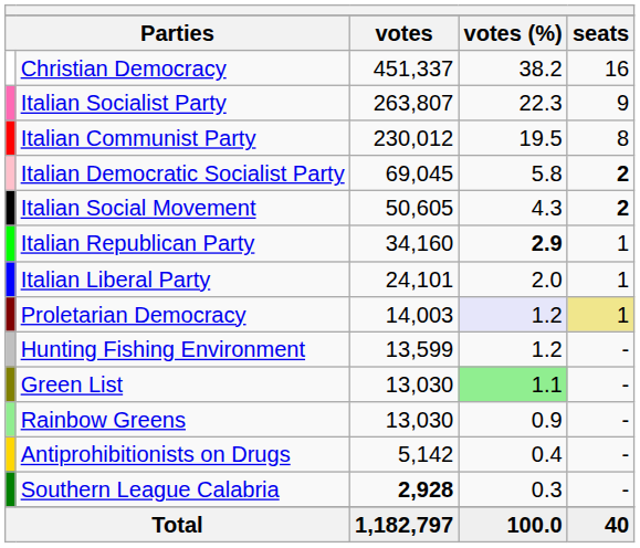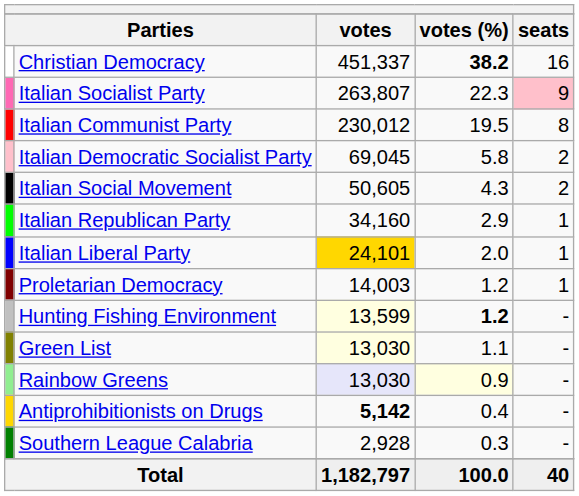 <table class="wikitable" style="font-size:95%">
 <tr>
 <th colspan=5></th>
 </tr>
 <tr>
 </tr>
 <tr bgcolor="EFEFEF">
 <th colspan=2>Parties</th>
 <th>votes</th>
 <th>votes (%)</th>
 <th>seats</th>
 </tr>
 <tr>
 <td bgcolor=White></td>
 <td><a href='#'>Christian Democracy</a></td>
 <td align=right>451,337</td>
-<td align=right>38.2</td>
+<td align=right><strong>38.2</strong></td>
 <td align=right>16</td>
 </tr>
 <tr>
 <td bgcolor=Hotpink></td>
 <td><a href='#'>Italian Socialist Party</a></td>
 <td align=right>263,807</td>
 <td align=right>22.3</td>
-<td align=right>9</td>
+<td align=right style="background: pink;">9</td>
 </tr>
 <tr>
 <td bgcolor=Red></td>
 <td><a href='#'>Italian Communist Party</a></td>
 <td align=right>230,012</td>
 <td align=right>19.5</td>
 <td align=right>8</td>
 </tr>
 <tr>
 <td bgcolor=Pink></td>
 <td><a href='#'>Italian Democratic Socialist Party</a></td>
 <td align=right>69,045</td>
 <td align=right>5.8</td>
-<td align=right><strong>2</strong></td>
+<td align=right>2</td>
 </tr>
 <tr>
 <td bgcolor=Black></td>
 <td><a href='#'>Italian Social Movement</a></td>
 <td align=right>50,605</td>
 <td align=right>4.3</td>
-<td align=right><strong>2</strong></td>
+<td align=right>2</td>
 </tr>
 <tr>
 <td bgcolor=Lime></td>
 <td><a href='#'>Italian Republican Party</a></td>
 <td align=right>34,160</td>
-<td align=right><strong>2.9</strong></td>
+<td align=right>2.9</td>
 <td align=right>1</td>
 </tr>
 <tr>
 <td bgcolor=Blue></td>
 <td><a href='#'>Italian Liberal Party</a></td>
-<td align=right>24,101</td>
+<td align=right style="background: gold;">24,101</td>
 <td align=right>2.0</td>
 <td align=right>1</td>
 </tr>
 <tr>
 <td bgcolor=Maroon></td>
 <td><a href='#'>Proletarian Democracy</a></td>
 <td align=right>14,003</td>
-<td align=right style="background: lavender;">1.2</td>
-<td align=right style="background: khaki;">1</td>
+<td align=right>1.2</td>
+<td align=right>1</td>
 </tr>
 <tr>
 <td bgcolor=Silver></td>
 <td><a href='#'>Hunting Fishing Environment</a></td>
-<td align=right>13,599</td>
-<td align=right>1.2</td>
+<td align=right style="background: lightyellow;">13,599</td>
+<td align=right><strong>1.2</strong></td>
 <td align=right>-</td>
 </tr>
 <tr>
 <td bgcolor=Olive></td>
 <td><a href='#'>Green List</a></td>
-<td align=right>13,030</td>
-<td align=right style="background: lightgreen;">1.1</td>
+<td align=right style="background: lightyellow;">13,030</td>
+<td align=right>1.1</td>
 <td align=right>-</td>
 </tr>
 <tr>
 <td bgcolor=Lightgreen></td>
 <td><a href='#'>Rainbow Greens</a></td>
-<td align=right>13,030</td>
-<td align=right>0.9</td>
+<td align=right style="background: lavender;">13,030</td>
+<td align=right style="background: lightyellow;">0.9</td>
 <td align=right>-</td>
 </tr>
 <tr>
 <td bgcolor=Gold></td>
 <td><a href='#'>Antiprohibitionists on Drugs</a></td>
-<td align=right>5,142</td>
+<td align=right><strong>5,142</strong></td>
 <td align=right>0.4</td>
 <td align=right>-</td>
 </tr>
 <tr>
 <td bgcolor=Green></td>
 <td><a href='#'>Southern League Calabria</a></td>
-<td align=right><strong>2,928</strong></td>
+<td align=right>2,928</td>
 <td align=right>0.3</td>
 <td align=right>-</td>
 </tr>
 <tr>
 </tr>
 <tr bgcolor="EFEFEF">
 <th colspan=2><strong>Total</strong></th>
 <td align=right><strong>1,182,797</strong></td>
 <td align=right><strong>100.0</strong></td>
 <td align=right><strong>40</strong></td>
 </tr>
 </table>
